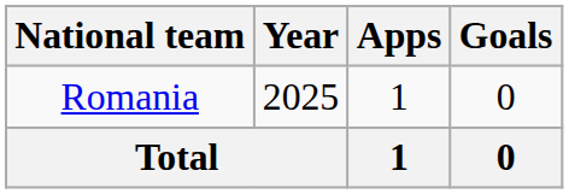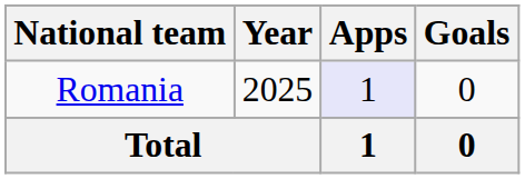 <table class="wikitable" style="text-align:center">
 <tr>
 <th>National team</th>
 <th>Year</th>
 <th>Apps</th>
 <th>Goals</th>
 </tr>
 <tr>
 <td><a href='#'>Romania</a></td>
 <td>2025</td>
-<td>1</td>
+<td style="background: lavender;">1</td>
 <td>0</td>
 </tr>
 <tr>
 <th colspan="2">Total</th>
 <th>1</th>
 <th>0</th>
 </tr>
 </table>
